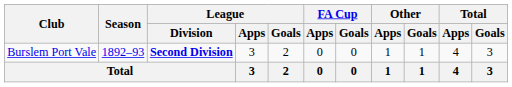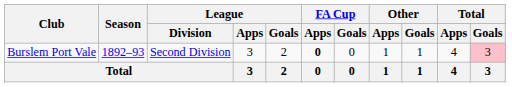 <table class="wikitable" style="text-align:center">
 <tr>
 <th rowspan="2">Club</th>
 <th rowspan="2">Season</th>
 <th colspan="3">League</th>
 <th colspan="2"><a href='#'>FA Cup</a></th>
 <th colspan="2">Other</th>
 <th colspan="2">Total</th>
 </tr>
 <tr>
 <th>Division</th>
 <th>Apps</th>
 <th>Goals</th>
 <th>Apps</th>
 <th>Goals</th>
 <th>Apps</th>
 <th>Goals</th>
 <th>Apps</th>
 <th>Goals</th>
 </tr>
 <tr>
 <td rowspan="1"><a href='#'>Burslem Port Vale</a></td>
 <td><a href='#'>1892–93</a></td>
-<td rowspan="1"><strong><a href='#'>Second Division</a></strong></td>
+<td rowspan="1"><a href='#'>Second Division</a></td>
 <td>3</td>
 <td>2</td>
-<td>0</td>
+<td><strong>0</strong></td>
 <td>0</td>
 <td>1</td>
 <td>1</td>
 <td>4</td>
-<td>3</td>
+<td style="background: pink;">3</td>
 </tr>
 <tr>
 <th colspan="3">Total</th>
 <th>3</th>
 <th>2</th>
 <th>0</th>
 <th>0</th>
 <th>1</th>
 <th>1</th>
 <th>4</th>
 <th>3</th>
 </tr>
 </table>
